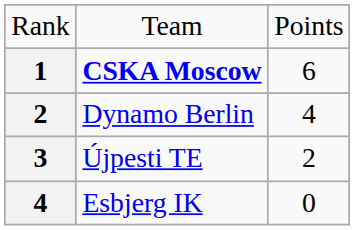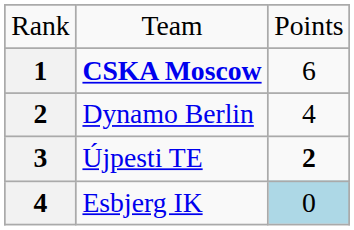 <table class="wikitable" style="text-align: center;">
 <tr>
 <td>Rank</td>
 <td>Team</td>
 <td>Points</td>
 </tr>
 <tr>
 <th>1</th>
 <td style="text-align: left;"> <strong><a href='#'>CSKA Moscow</a></strong></td>
 <td>6</td>
 </tr>
 <tr>
 <th>2</th>
 <td style="text-align: left;"> <a href='#'>Dynamo Berlin</a></td>
 <td>4</td>
 </tr>
 <tr>
 <th>3</th>
 <td style="text-align: left;"> <a href='#'>Újpesti TE</a></td>
-<td>2</td>
+<td><strong>2</strong></td>
 </tr>
 <tr>
 <th>4</th>
 <td style="text-align: left;"> <a href='#'>Esbjerg IK</a></td>
-<td>0</td>
+<td style="background: lightblue;">0</td>
 </tr>
 </table>
